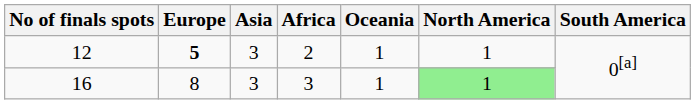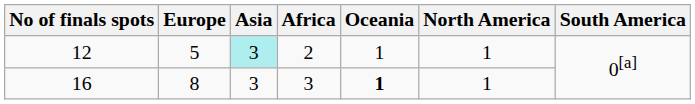 <table class="wikitable">
 <tr>
 <th>No of finals spots</th>
 <th>Europe</th>
 <th>Asia</th>
 <th>Africa</th>
 <th>Oceania</th>
 <th>North America</th>
 <th>South America</th>
 </tr>
 <tr align=center>
 <td>12</td>
-<td><strong>5</strong></td>
-<td>3</td>
+<td>5</td>
+<td style="background: paleturquoise;">3</td>
 <td>2</td>
 <td>1</td>
 <td>1</td>
 <td rowspan=2>0<sup>[a]</sup></td>
 </tr>
 <tr align=center>
 <td>16</td>
 <td>8</td>
 <td>3</td>
 <td>3</td>
+<td><strong>1</strong></td>
 <td>1</td>
-<td style="background: lightgreen;">1</td>
 </tr>
 </table>
